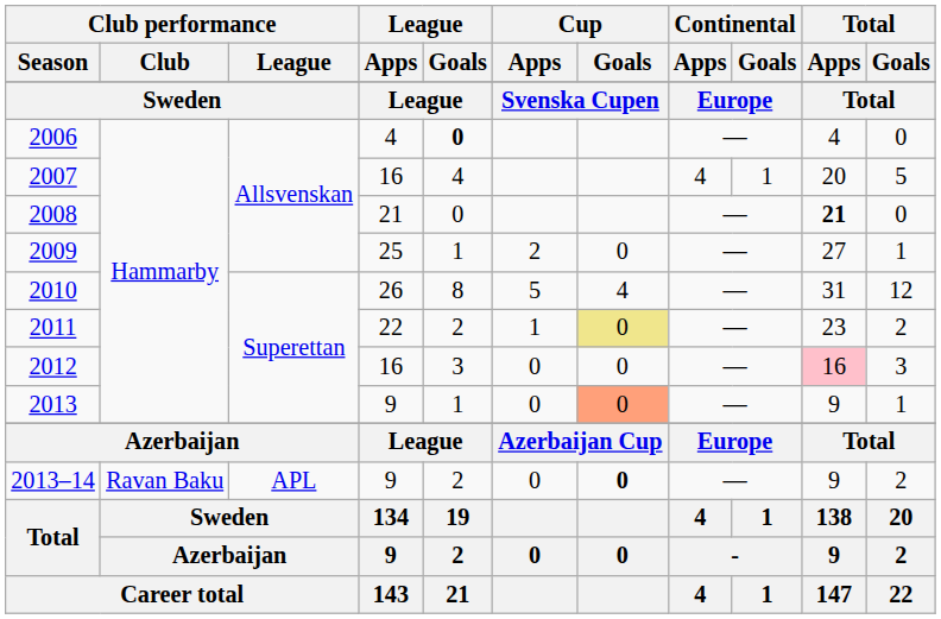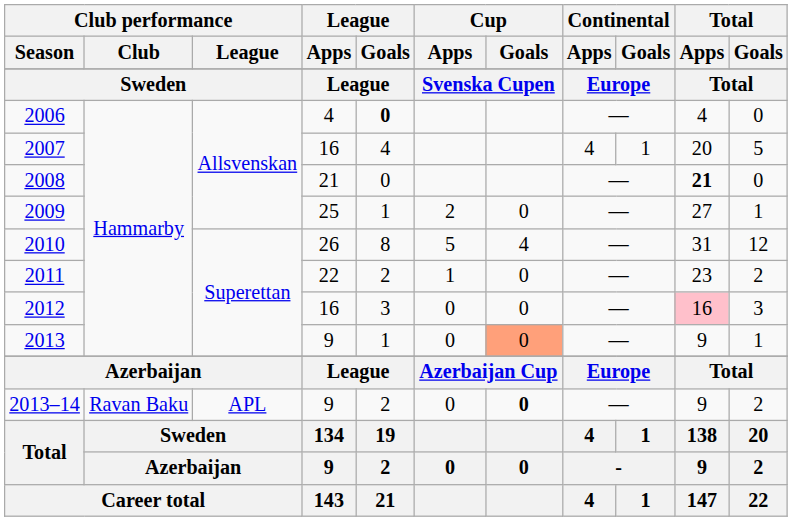 <table class="wikitable" style="text-align:center">
 <tr>
 <th colspan=3>Club performance</th>
 <th colspan=2>League</th>
 <th colspan=2>Cup</th>
 <th colspan=2>Continental</th>
 <th colspan=2>Total</th>
 </tr>
 <tr>
 <th>Season</th>
 <th>Club</th>
 <th>League</th>
 <th>Apps</th>
 <th>Goals</th>
 <th>Apps</th>
 <th>Goals</th>
 <th>Apps</th>
 <th>Goals</th>
 <th>Apps</th>
 <th>Goals</th>
 </tr>
 <tr>
 </tr>
 <tr>
 <th colspan=3>Sweden</th>
 <th colspan=2>League</th>
 <th colspan=2><a href='#'>Svenska Cupen</a></th>
 <th colspan=2><a href='#'>Europe</a></th>
 <th colspan=2>Total</th>
 </tr>
 <tr>
 <td><a href='#'>2006</a></td>
 <td rowspan="8"><a href='#'>Hammarby</a></td>
 <td rowspan="4"><a href='#'>Allsvenskan</a></td>
 <td>4</td>
 <td><strong>0</strong></td>
 <td></td>
 <td></td>
 <td colspan="2">—</td>
 <td>4</td>
 <td>0</td>
 </tr>
 <tr>
 <td><a href='#'>2007</a></td>
 <td>16</td>
 <td>4</td>
 <td></td>
 <td></td>
 <td>4</td>
 <td>1</td>
 <td>20</td>
 <td>5</td>
 </tr>
 <tr>
 <td><a href='#'>2008</a></td>
 <td>21</td>
 <td>0</td>
 <td></td>
 <td></td>
 <td colspan="2">—</td>
 <td><strong>21</strong></td>
 <td>0</td>
 </tr>
 <tr>
 <td><a href='#'>2009</a></td>
 <td>25</td>
 <td>1</td>
 <td>2</td>
 <td>0</td>
 <td colspan="2">—</td>
 <td>27</td>
 <td>1</td>
 </tr>
 <tr>
 <td><a href='#'>2010</a></td>
 <td rowspan="4"><a href='#'>Superettan</a></td>
 <td>26</td>
 <td>8</td>
 <td>5</td>
 <td>4</td>
 <td colspan="2">—</td>
 <td>31</td>
 <td>12</td>
 </tr>
 <tr>
 <td><a href='#'>2011</a></td>
 <td>22</td>
 <td>2</td>
 <td>1</td>
-<td style="background: khaki;">0</td>
+<td>0</td>
 <td colspan="2">—</td>
 <td>23</td>
 <td>2</td>
 </tr>
 <tr>
 <td><a href='#'>2012</a></td>
 <td>16</td>
 <td>3</td>
 <td>0</td>
 <td>0</td>
 <td colspan="2">—</td>
 <td style="background: pink;">16</td>
 <td>3</td>
 </tr>
 <tr>
 <td><a href='#'>2013</a></td>
 <td>9</td>
 <td>1</td>
 <td>0</td>
 <td style="background: lightsalmon;">0</td>
 <td colspan="2">—</td>
 <td>9</td>
 <td>1</td>
 </tr>
 <tr>
 </tr>
 <tr>
 <th colspan=3>Azerbaijan</th>
 <th colspan=2>League</th>
 <th colspan=2><a href='#'>Azerbaijan Cup</a></th>
 <th colspan=2><a href='#'>Europe</a></th>
 <th colspan=2>Total</th>
 </tr>
 <tr>
 <td><a href='#'>2013–14</a></td>
 <td><a href='#'>Ravan Baku</a></td>
 <td><a href='#'>APL</a></td>
 <td>9</td>
 <td>2</td>
 <td>0</td>
 <td><strong>0</strong></td>
 <td colspan="2">—</td>
 <td>9</td>
 <td>2</td>
 </tr>
 <tr>
 <th rowspan=2>Total</th>
 <th colspan=2>Sweden</th>
 <th>134</th>
 <th>19</th>
 <th></th>
 <th></th>
 <th>4</th>
 <th>1</th>
 <th>138</th>
 <th>20</th>
 </tr>
 <tr>
 <th colspan=2>Azerbaijan</th>
 <th>9</th>
 <th>2</th>
 <th>0</th>
 <th>0</th>
 <th colspan="2">-</th>
 <th>9</th>
 <th>2</th>
 </tr>
 <tr>
 <th colspan=3>Career total</th>
 <th>143</th>
 <th>21</th>
 <th></th>
 <th></th>
 <th>4</th>
 <th>1</th>
 <th>147</th>
 <th>22</th>
 </tr>
 </table>
